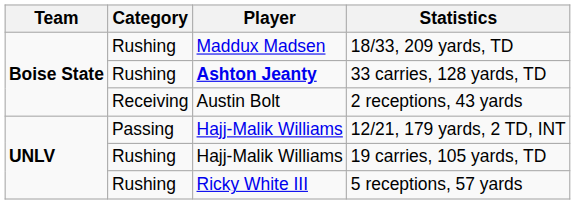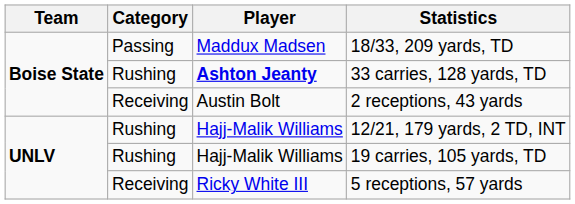 <table class="wikitable" style="float: right;">
 <tr>
 <th>Team</th>
 <th>Category</th>
 <th>Player</th>
 <th>Statistics</th>
 </tr>
 <tr>
 <td rowspan=3><strong>Boise State</strong></td>
-<td>Rushing</td>
+<td>Passing</td>
 <td><a href='#'>Maddux Madsen</a></td>
 <td>18/33, 209 yards, TD</td>
 </tr>
 <tr>
 <td>Rushing</td>
 <td><strong><a href='#'>Ashton Jeanty</a></strong></td>
 <td>33 carries, 128 yards, TD</td>
 </tr>
 <tr>
 <td>Receiving</td>
 <td>Austin Bolt</td>
 <td>2 receptions, 43 yards</td>
 </tr>
 <tr>
 <td rowspan=3><strong>UNLV</strong></td>
-<td>Passing</td>
+<td>Rushing</td>
 <td><a href='#'>Hajj-Malik Williams</a></td>
 <td>12/21, 179 yards, 2 TD, INT</td>
 </tr>
 <tr>
 <td>Rushing</td>
 <td>Hajj-Malik Williams</td>
 <td>19 carries, 105 yards, TD</td>
 </tr>
 <tr>
-<td>Rushing</td>
+<td>Receiving</td>
 <td><a href='#'>Ricky White III</a></td>
 <td>5 receptions, 57 yards</td>
 </tr>
 </table>
